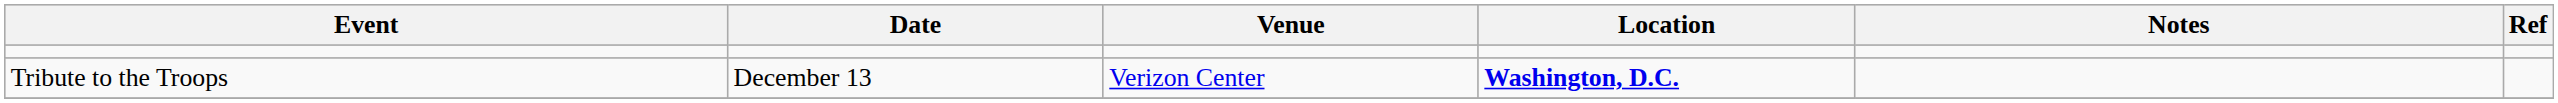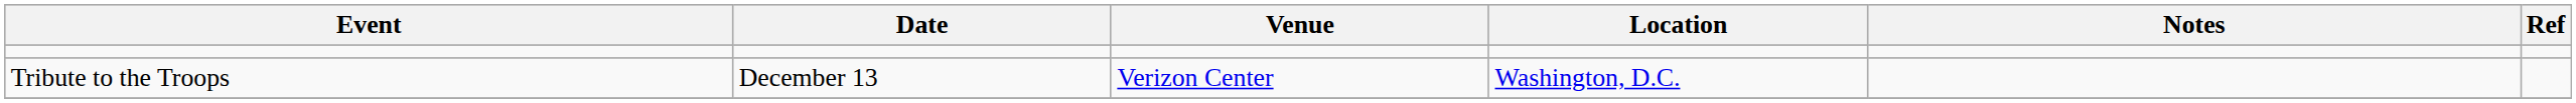 <table class="wikitable plainrowheaders sortable" style="width:100%;">
 <tr>
 <th style="width:29%;">Event</th>
 <th style="width:15%;">Date</th>
 <th style="width:15%;">Venue</th>
 <th style="width:15%;">Location</th>
 <th style="width:99%;">Notes</th>
 <th style="width:99%;">Ref</th>
 </tr>
 <tr>
 <td></td>
 <td></td>
 <td></td>
 <td></td>
 <td></td>
 </tr>
 <tr>
 <td>Tribute to the Troops</td>
 <td>December 13<br></td>
 <td><a href='#'>Verizon Center</a></td>
-<td><strong><a href='#'>Washington, D.C.</a></strong></td>
+<td><a href='#'>Washington, D.C.</a></td>
 <td></td>
 <td></td>
 </tr>
 <tr>
 </tr>
 </table>
